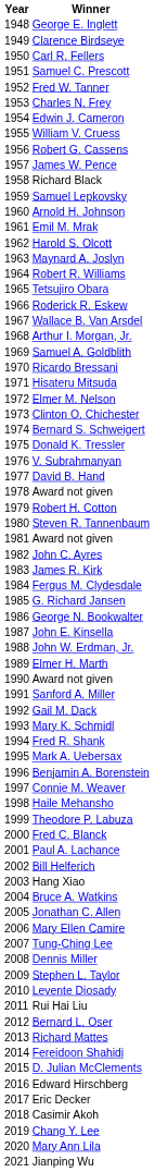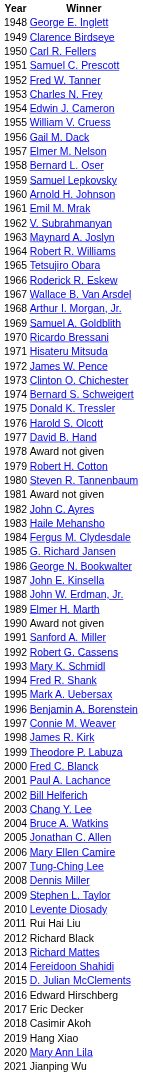 <table>
 <tr>
 <th>Year</th>
 <th>Winner</th>
 </tr>
 <tr>
 <td>1948</td>
 <td><a href='#'>George E. Inglett</a></td>
 </tr>
 <tr>
 <td>1949</td>
 <td><a href='#'>Clarence Birdseye</a></td>
 </tr>
 <tr>
 <td>1950</td>
 <td><a href='#'>Carl R. Fellers</a></td>
 </tr>
 <tr>
 <td>1951</td>
 <td><a href='#'>Samuel C. Prescott</a></td>
 </tr>
 <tr>
 <td>1952</td>
 <td><a href='#'>Fred W. Tanner</a></td>
 </tr>
 <tr>
 <td>1953</td>
 <td><a href='#'>Charles N. Frey</a></td>
 </tr>
 <tr>
 <td>1954</td>
 <td><a href='#'>Edwin J. Cameron</a></td>
 </tr>
 <tr>
 <td>1955</td>
 <td><a href='#'>William V. Cruess</a></td>
 </tr>
 <tr>
 <td>1956</td>
-<td><a href='#'>Robert G. Cassens</a></td>
+<td><a href='#'>Gail M. Dack</a></td>
 </tr>
 <tr>
 <td>1957</td>
-<td><a href='#'>James W. Pence</a></td>
+<td><a href='#'>Elmer M. Nelson</a></td>
 </tr>
 <tr>
 <td>1958</td>
-<td>Richard Black</td>
+<td><a href='#'>Bernard L. Oser</a></td>
 </tr>
 <tr>
 <td>1959</td>
 <td><a href='#'>Samuel Lepkovsky</a></td>
 </tr>
 <tr>
 <td>1960</td>
 <td><a href='#'>Arnold H. Johnson</a></td>
 </tr>
 <tr>
 <td>1961</td>
 <td><a href='#'>Emil M. Mrak</a></td>
 </tr>
 <tr>
 <td>1962</td>
-<td><a href='#'>Harold S. Olcott</a></td>
+<td><a href='#'>V. Subrahmanyan</a></td>
 </tr>
 <tr>
 <td>1963</td>
 <td><a href='#'>Maynard A. Joslyn</a></td>
 </tr>
 <tr>
 <td>1964</td>
 <td><a href='#'>Robert R. Williams</a></td>
 </tr>
 <tr>
 <td>1965</td>
 <td><a href='#'>Tetsujiro Obara</a></td>
 </tr>
 <tr>
 <td>1966</td>
 <td><a href='#'>Roderick R. Eskew</a></td>
 </tr>
 <tr>
 <td>1967</td>
 <td><a href='#'>Wallace B. Van Arsdel</a></td>
 </tr>
 <tr>
 <td>1968</td>
 <td><a href='#'>Arthur I. Morgan, Jr.</a></td>
 </tr>
 <tr>
 <td>1969</td>
 <td><a href='#'>Samuel A. Goldblith</a></td>
 </tr>
 <tr>
 <td>1970</td>
 <td><a href='#'>Ricardo Bressani</a></td>
 </tr>
 <tr>
 <td>1971</td>
 <td><a href='#'>Hisateru Mitsuda</a></td>
 </tr>
 <tr>
 <td>1972</td>
-<td><a href='#'>Elmer M. Nelson</a></td>
+<td><a href='#'>James W. Pence</a></td>
 </tr>
 <tr>
 <td>1973</td>
 <td><a href='#'>Clinton O. Chichester</a></td>
 </tr>
 <tr>
 <td>1974</td>
 <td><a href='#'>Bernard S. Schweigert</a></td>
 </tr>
 <tr>
 <td>1975</td>
 <td><a href='#'>Donald K. Tressler</a></td>
 </tr>
 <tr>
 <td>1976</td>
-<td><a href='#'>V. Subrahmanyan</a></td>
+<td><a href='#'>Harold S. Olcott</a></td>
 </tr>
 <tr>
 <td>1977</td>
 <td><a href='#'>David B. Hand</a></td>
 </tr>
 <tr>
 <td>1978</td>
 <td>Award not given</td>
 </tr>
 <tr>
 <td>1979</td>
 <td><a href='#'>Robert H. Cotton</a></td>
 </tr>
 <tr>
 <td>1980</td>
 <td><a href='#'>Steven R. Tannenbaum</a></td>
 </tr>
 <tr>
 <td>1981</td>
 <td>Award not given</td>
 </tr>
 <tr>
 <td>1982</td>
 <td><a href='#'>John C. Ayres</a></td>
 </tr>
 <tr>
 <td>1983</td>
-<td><a href='#'>James R. Kirk</a></td>
+<td><a href='#'>Haile Mehansho</a></td>
 </tr>
 <tr>
 <td>1984</td>
 <td><a href='#'>Fergus M. Clydesdale</a></td>
 </tr>
 <tr>
 <td>1985</td>
 <td><a href='#'>G. Richard Jansen</a></td>
 </tr>
 <tr>
 <td>1986</td>
 <td><a href='#'>George N. Bookwalter</a></td>
 </tr>
 <tr>
 <td>1987</td>
 <td><a href='#'>John E. Kinsella</a></td>
 </tr>
 <tr>
 <td>1988</td>
 <td><a href='#'>John W. Erdman, Jr.</a></td>
 </tr>
 <tr>
 <td>1989</td>
 <td><a href='#'>Elmer H. Marth</a></td>
 </tr>
 <tr>
 <td>1990</td>
 <td>Award not given</td>
 </tr>
 <tr>
 <td>1991</td>
 <td><a href='#'>Sanford A. Miller</a></td>
 </tr>
 <tr>
 <td>1992</td>
-<td><a href='#'>Gail M. Dack</a></td>
+<td><a href='#'>Robert G. Cassens</a></td>
 </tr>
 <tr>
 <td>1993</td>
 <td><a href='#'>Mary K. Schmidl</a></td>
 </tr>
 <tr>
 <td>1994</td>
 <td><a href='#'>Fred R. Shank</a></td>
 </tr>
 <tr>
 <td>1995</td>
 <td><a href='#'>Mark A. Uebersax</a></td>
 </tr>
 <tr>
 <td>1996</td>
 <td><a href='#'>Benjamin A. Borenstein</a></td>
 </tr>
 <tr>
 <td>1997</td>
 <td><a href='#'>Connie M. Weaver</a></td>
 </tr>
 <tr>
 <td>1998</td>
-<td><a href='#'>Haile Mehansho</a></td>
+<td><a href='#'>James R. Kirk</a></td>
 </tr>
 <tr>
 <td>1999</td>
 <td><a href='#'>Theodore P. Labuza</a></td>
 </tr>
 <tr>
 <td>2000</td>
 <td><a href='#'>Fred C. Blanck</a></td>
 </tr>
 <tr>
 <td>2001</td>
 <td><a href='#'>Paul A. Lachance</a></td>
 </tr>
 <tr>
 <td>2002</td>
 <td><a href='#'>Bill Helferich</a></td>
 </tr>
 <tr>
 <td>2003</td>
-<td>Hang Xiao</td>
+<td><a href='#'>Chang Y. Lee</a></td>
 </tr>
 <tr>
 <td>2004</td>
 <td><a href='#'>Bruce A. Watkins</a></td>
 </tr>
 <tr>
 <td>2005</td>
 <td><a href='#'>Jonathan C. Allen</a></td>
 </tr>
 <tr>
 <td>2006</td>
 <td><a href='#'>Mary Ellen Camire</a></td>
 </tr>
 <tr>
 <td>2007</td>
 <td><a href='#'>Tung-Ching Lee</a></td>
 </tr>
 <tr>
 <td>2008</td>
 <td><a href='#'>Dennis Miller</a></td>
 </tr>
 <tr>
 <td>2009</td>
 <td><a href='#'>Stephen L. Taylor</a></td>
 </tr>
 <tr>
 <td>2010</td>
 <td><a href='#'>Levente Diosady</a></td>
 </tr>
 <tr>
 <td>2011</td>
 <td>Rui Hai Liu</td>
 </tr>
 <tr>
 <td>2012</td>
-<td><a href='#'>Bernard L. Oser</a></td>
+<td>Richard Black</td>
 </tr>
 <tr>
 <td>2013</td>
 <td><a href='#'>Richard Mattes</a></td>
 </tr>
 <tr>
 <td>2014</td>
 <td><a href='#'>Fereidoon Shahidi</a></td>
 </tr>
 <tr>
 <td>2015</td>
 <td><a href='#'>D. Julian McClements</a></td>
 </tr>
 <tr>
 <td>2016</td>
 <td>Edward Hirschberg</td>
 </tr>
 <tr>
 <td>2017</td>
 <td>Eric Decker</td>
 </tr>
 <tr>
 <td>2018</td>
 <td>Casimir Akoh</td>
 </tr>
 <tr>
 <td>2019</td>
-<td><a href='#'>Chang Y. Lee</a></td>
+<td>Hang Xiao</td>
 </tr>
 <tr>
 <td>2020</td>
 <td><a href='#'>Mary Ann Lila</a></td>
 </tr>
 <tr>
 <td>2021</td>
 <td>Jianping Wu</td>
 </tr>
 <tr>
 </tr>
 </table>
